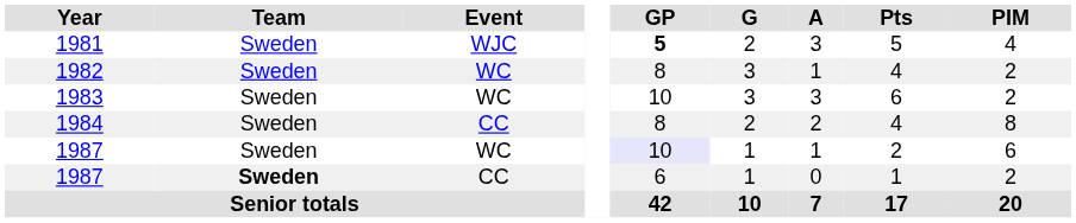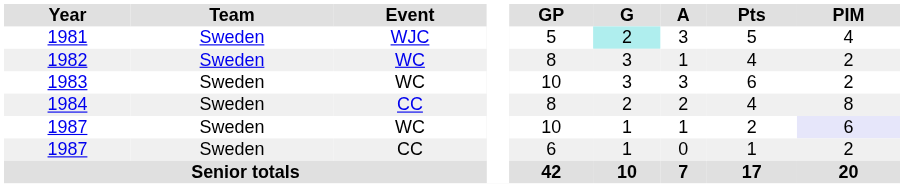 <table border="0" cellpadding="1" cellspacing="0" style="text-align:center; width:50em">
 <tr ALIGN="center" bgcolor="#e0e0e0">
 <th>Year</th>
 <th>Team</th>
 <th>Event</th>
 <th rowspan="99" bgcolor="#ffffff"> </th>
 <th>GP</th>
 <th>G</th>
 <th>A</th>
 <th>Pts</th>
 <th>PIM</th>
 </tr>
 <tr>
 <td><a href='#'>1981</a></td>
 <td><a href='#'>Sweden</a></td>
 <td><a href='#'>WJC</a></td>
-<td><strong>5</strong></td>
-<td>2</td>
+<td>5</td>
+<td style="background: paleturquoise;">2</td>
 <td>3</td>
 <td>5</td>
 <td>4</td>
 </tr>
 <tr bgcolor="#f0f0f0">
 <td><a href='#'>1982</a></td>
 <td><a href='#'>Sweden</a></td>
 <td><a href='#'>WC</a></td>
 <td>8</td>
 <td>3</td>
 <td>1</td>
 <td>4</td>
 <td>2</td>
 </tr>
 <tr>
 <td><a href='#'>1983</a></td>
 <td>Sweden</td>
 <td>WC</td>
 <td>10</td>
 <td>3</td>
 <td>3</td>
 <td>6</td>
 <td>2</td>
 </tr>
 <tr bgcolor="#f0f0f0">
 <td><a href='#'>1984</a></td>
 <td>Sweden</td>
 <td><a href='#'>CC</a></td>
 <td>8</td>
 <td>2</td>
 <td>2</td>
 <td>4</td>
 <td>8</td>
 </tr>
 <tr>
 <td><a href='#'>1987</a></td>
 <td>Sweden</td>
 <td>WC</td>
-<td style="background: lavender;">10</td>
+<td>10</td>
 <td>1</td>
 <td>1</td>
 <td>2</td>
-<td>6</td>
+<td style="background: lavender;">6</td>
 </tr>
 <tr bgcolor="#f0f0f0">
 <td><a href='#'>1987</a></td>
-<td><strong>Sweden</strong></td>
+<td>Sweden</td>
 <td>CC</td>
 <td>6</td>
 <td>1</td>
 <td>0</td>
 <td>1</td>
 <td>2</td>
 </tr>
 <tr bgcolor="#e0e0e0">
 <th colspan="3">Senior totals</th>
 <th>42</th>
 <th>10</th>
 <th>7</th>
 <th>17</th>
 <th>20</th>
 </tr>
 </table>
